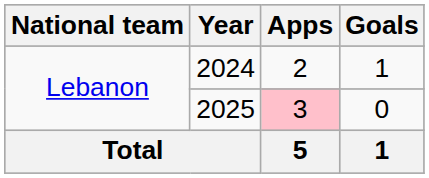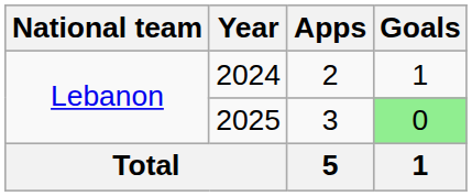 <table class="wikitable" style="text-align:center">
 <tr>
 <th>National team</th>
 <th>Year</th>
 <th>Apps</th>
 <th>Goals</th>
 </tr>
 <tr>
 <td rowspan="2"><a href='#'>Lebanon</a></td>
 <td>2024</td>
 <td>2</td>
 <td>1</td>
 </tr>
 <tr>
 <td>2025</td>
-<td style="background: pink;">3</td>
-<td>0</td>
+<td>3</td>
+<td style="background: lightgreen;">0</td>
 </tr>
 <tr>
 <th colspan="2">Total</th>
 <th>5</th>
 <th>1</th>
 </tr>
 </table>
